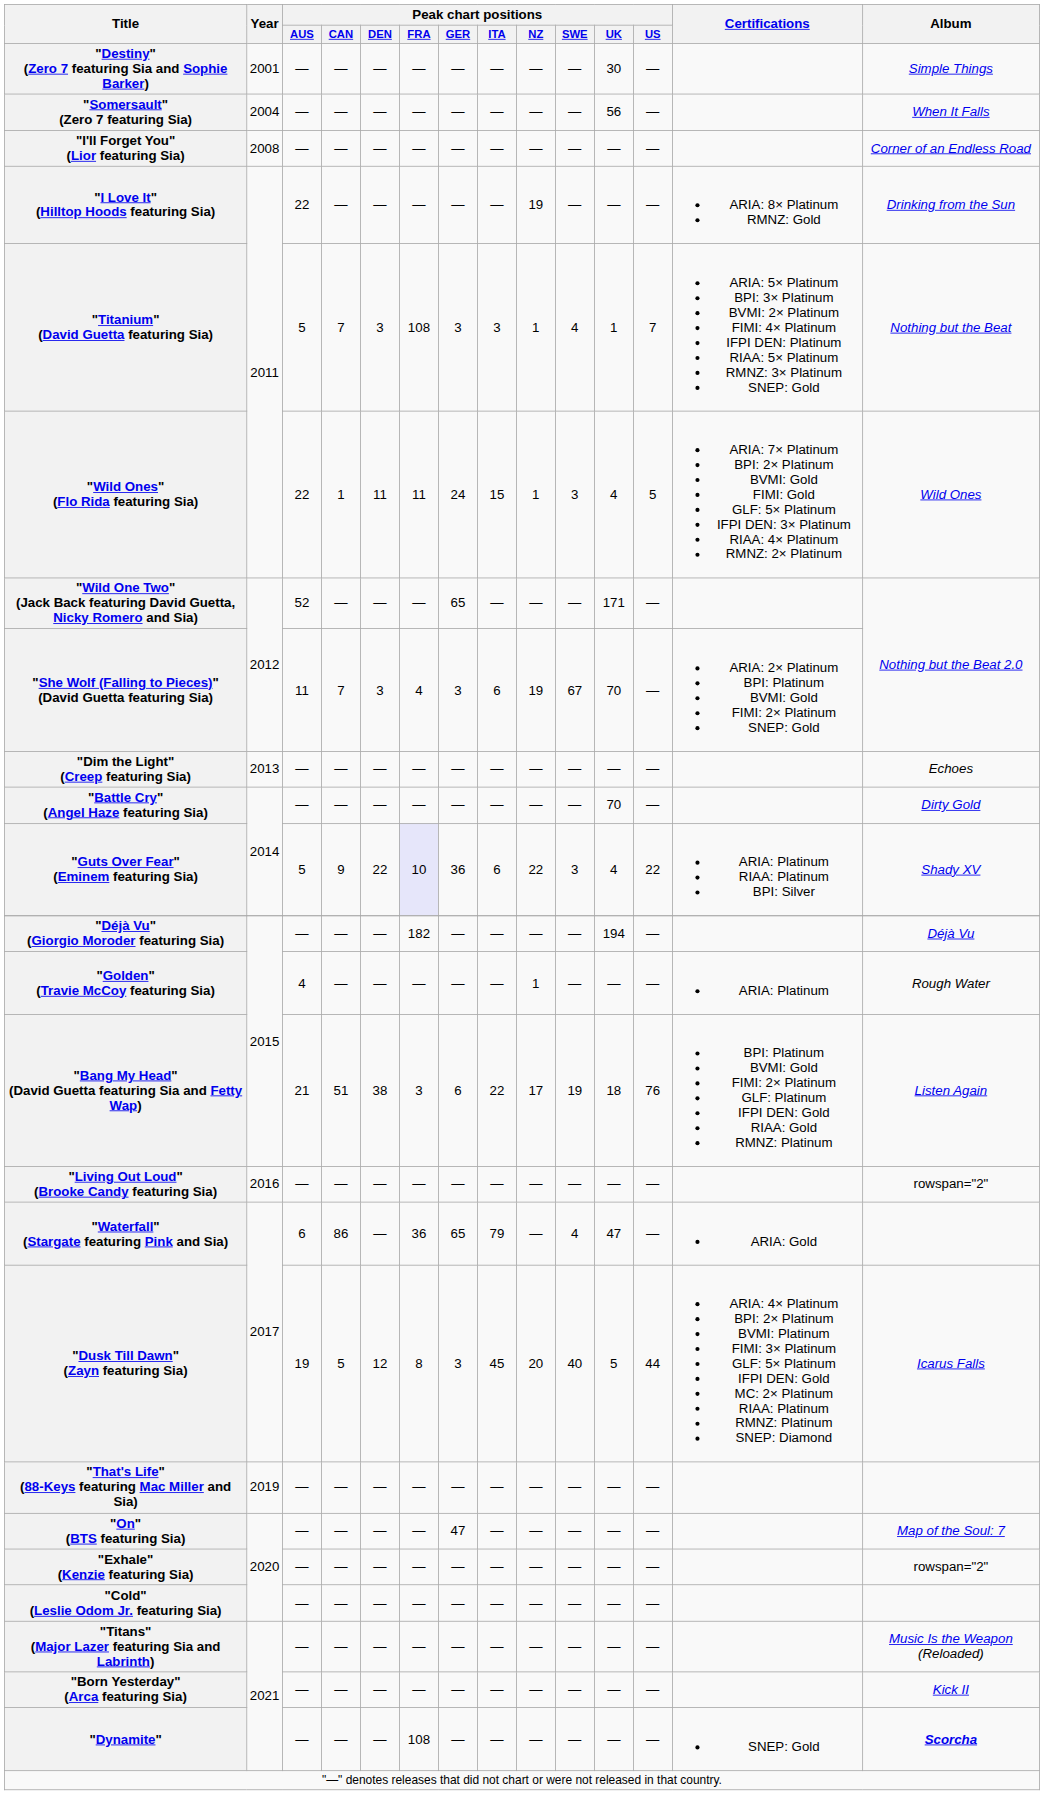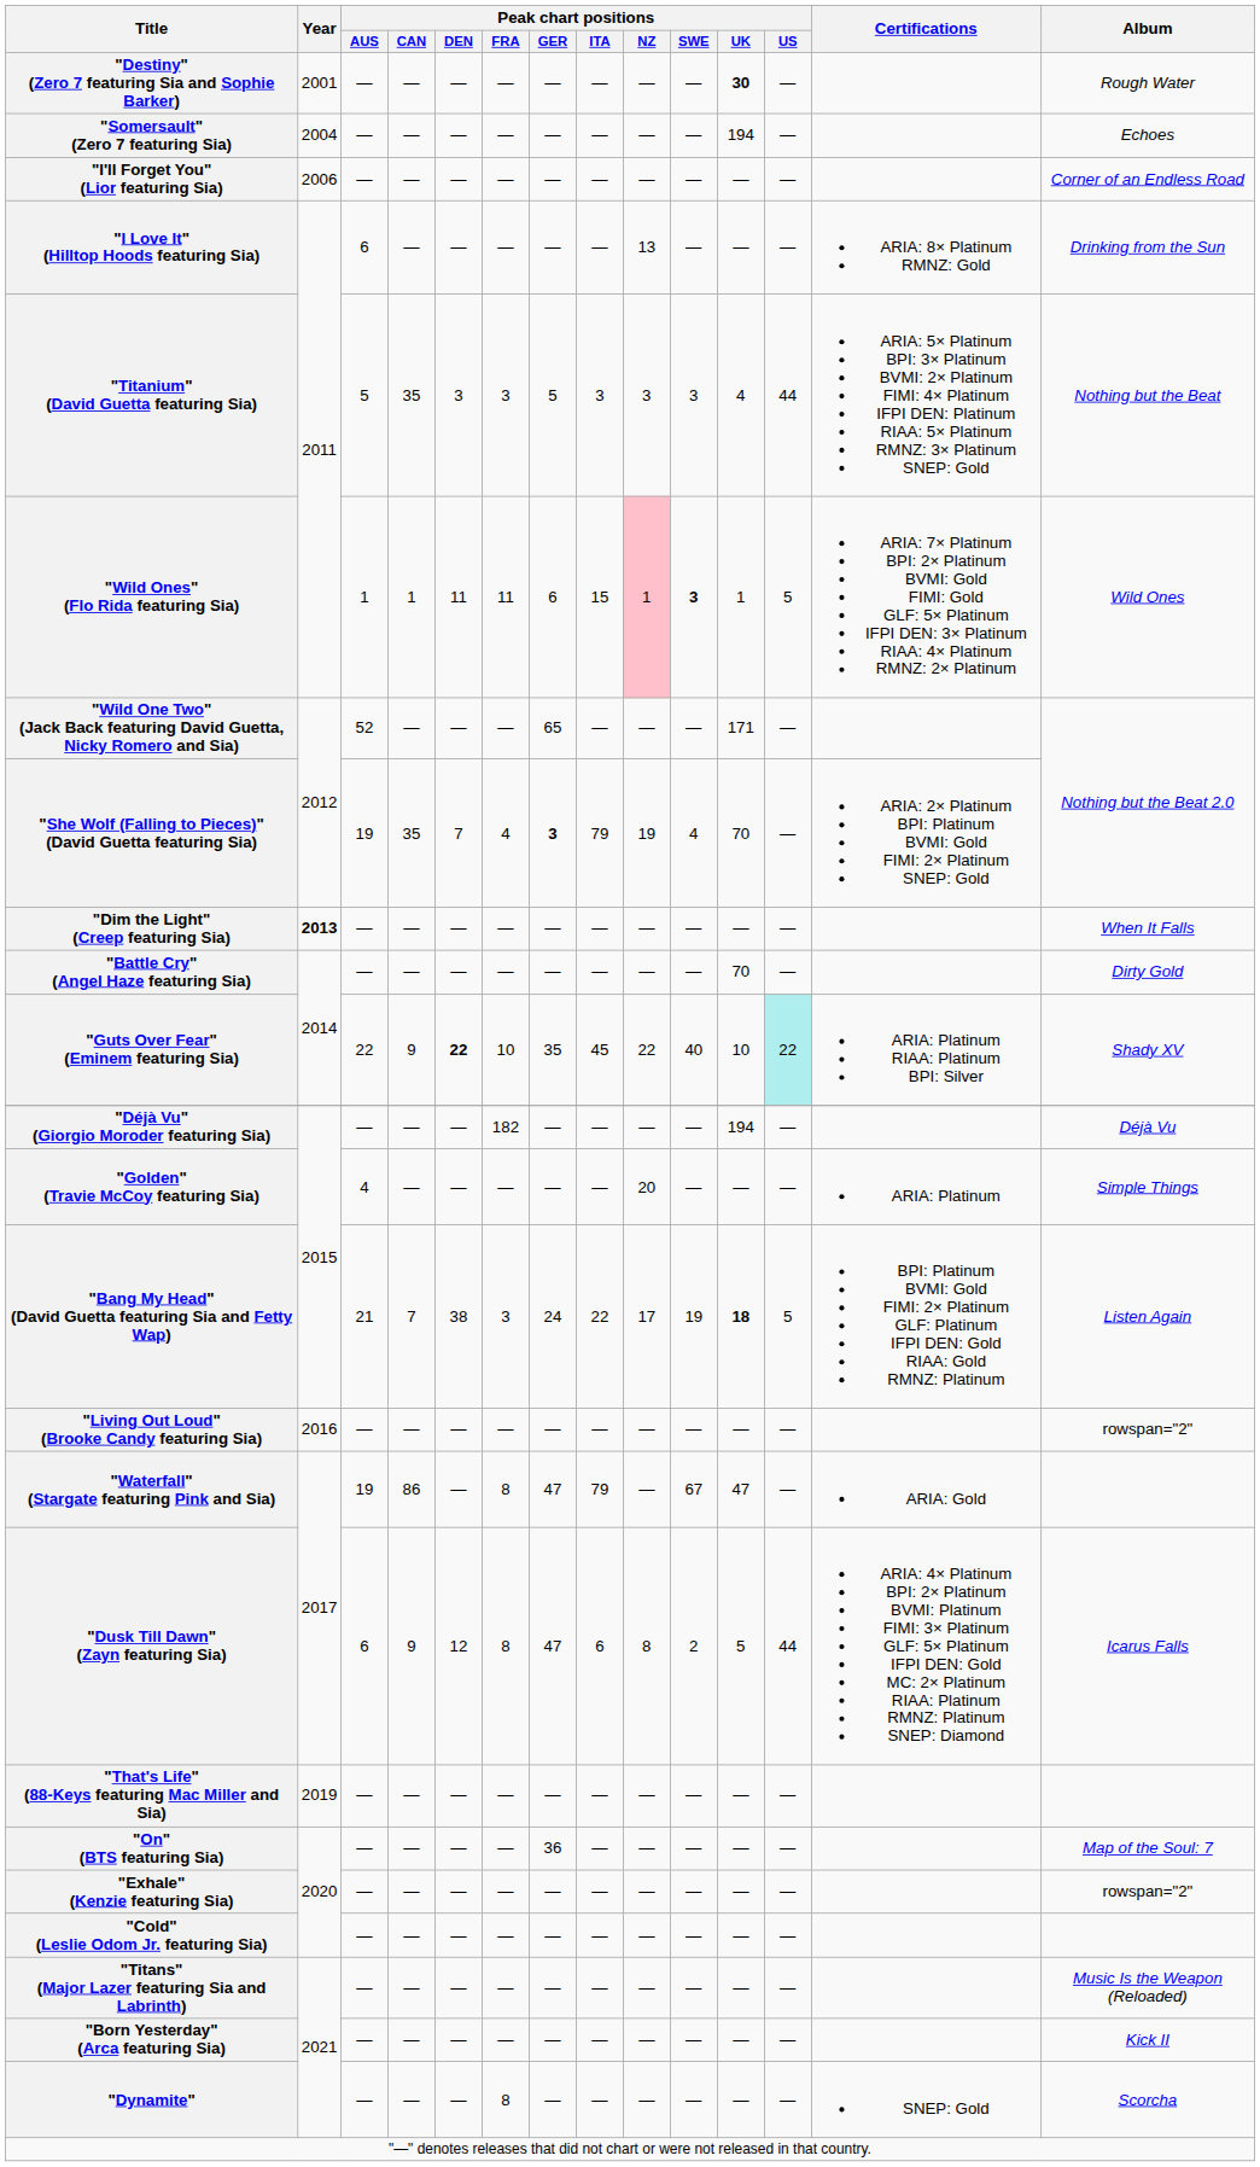 <table class="wikitable plainrowheaders" style="text-align:center;">
 <tr>
 <th scope="col" rowspan="2" style="width:18em;">Title</th>
 <th scope="col" rowspan="2" style="width:1em;">Year</th>
 <th scope="col" colspan="10">Peak chart positions</th>
 <th scope="col" rowspan="2" style="width:14em;"><a href='#'>Certifications</a></th>
 <th scope="col" rowspan="2" style="width:13em;">Album</th>
 </tr>
 <tr>
 <th scope="col" style="width:3em;font-size:85%;"><a href='#'>AUS</a><br></th>
 <th scope="col" style="width:3em;font-size:85%;"><a href='#'>CAN</a><br></th>
 <th scope="col" style="width:3em;font-size:85%;"><a href='#'>DEN</a><br></th>
 <th scope="col" style="width:3em;font-size:85%;"><a href='#'>FRA</a><br></th>
 <th scope="col" style="width:3em;font-size:85%;"><a href='#'>GER</a><br></th>
 <th scope="col" style="width:3em;font-size:85%;"><a href='#'>ITA</a><br></th>
 <th scope="col" style="width:3em;font-size:85%;"><a href='#'>NZ</a><br></th>
 <th scope="col" style="width:3em;font-size:85%;"><a href='#'>SWE</a><br></th>
 <th scope="col" style="width:3em;font-size:85%;"><a href='#'>UK</a><br></th>
 <th scope="col" style="width:3em;font-size:85%;"><a href='#'>US</a><br></th>
 </tr>
 <tr>
 <th scope="row">"<a href='#'>Destiny</a>"<br><span>(<a href='#'>Zero 7</a> featuring Sia and <a href='#'>Sophie Barker</a>)</span></th>
 <td>2001</td>
 <td>—</td>
 <td>—</td>
 <td>—</td>
 <td>—</td>
 <td>—</td>
 <td>—</td>
 <td>—</td>
 <td>—</td>
-<td>30</td>
+<td><strong>30</strong></td>
 <td>—</td>
 <td></td>
-<td><em><a href='#'>Simple Things</a></em></td>
+<td><em>Rough Water</em></td>
 </tr>
 <tr>
 <th scope="row">"<a href='#'>Somersault</a>"<br><span>(Zero 7 featuring Sia)</span></th>
 <td>2004</td>
 <td>—</td>
 <td>—</td>
 <td>—</td>
 <td>—</td>
 <td>—</td>
 <td>—</td>
 <td>—</td>
 <td>—</td>
-<td>56</td>
+<td>194</td>
 <td>—</td>
 <td></td>
-<td><em><a href='#'>When It Falls</a></em></td>
+<td><em>Echoes</em></td>
 </tr>
 <tr>
 <th scope="row">"I'll Forget You"<br><span>(<a href='#'>Lior</a> featuring Sia)</span></th>
-<td>2008</td>
+<td>2006</td>
 <td>—</td>
 <td>—</td>
 <td>—</td>
 <td>—</td>
 <td>—</td>
 <td>—</td>
 <td>—</td>
 <td>—</td>
 <td>—</td>
 <td>—</td>
 <td></td>
 <td><em><a href='#'>Corner of an Endless Road</a></em></td>
 </tr>
 <tr>
 <th scope="row">"<a href='#'>I Love It</a>"<br><span>(<a href='#'>Hilltop Hoods</a> featuring Sia)</span></th>
 <td rowspan="3">2011</td>
-<td>22</td>
+<td>6</td>
 <td>—</td>
 <td>—</td>
 <td>—</td>
 <td>—</td>
 <td>—</td>
-<td>19</td>
+<td>13</td>
 <td>—</td>
 <td>—</td>
 <td>—</td>
 <td><br><ul><li>ARIA: 8× Platinum</li><li>RMNZ: Gold</li></ul></td>
 <td><em><a href='#'>Drinking from the Sun</a></em></td>
 </tr>
 <tr>
 <th scope="row">"<a href='#'>Titanium</a>"<br><span>(<a href='#'>David Guetta</a> featuring Sia)</span></th>
 <td>5</td>
-<td>7</td>
-<td>3</td>
-<td>108</td>
+<td>35</td>
 <td>3</td>
 <td>3</td>
-<td>1</td>
+<td>5</td>
+<td>3</td>
+<td>3</td>
+<td>3</td>
 <td>4</td>
-<td>1</td>
-<td>7</td>
+<td>44</td>
 <td><br><ul><li>ARIA: 5× Platinum</li><li>BPI: 3× Platinum</li><li>BVMI: 2× Platinum</li><li>FIMI: 4× Platinum</li><li>IFPI DEN: Platinum</li><li>RIAA: 5× Platinum</li><li>RMNZ: 3× Platinum</li><li>SNEP: Gold</li></ul></td>
 <td><em><a href='#'>Nothing but the Beat</a></em></td>
 </tr>
 <tr>
 <th scope="row">"<a href='#'>Wild Ones</a>"<br><span>(<a href='#'>Flo Rida</a> featuring Sia)</span></th>
-<td>22</td>
+<td>1</td>
 <td>1</td>
 <td>11</td>
 <td>11</td>
-<td>24</td>
+<td>6</td>
 <td>15</td>
+<td style="background: pink;">1</td>
+<td><strong>3</strong></td>
 <td>1</td>
-<td>3</td>
-<td>4</td>
 <td>5</td>
 <td><br><ul><li>ARIA: 7× Platinum</li><li>BPI: 2× Platinum</li><li>BVMI: Gold</li><li>FIMI: Gold</li><li>GLF: 5× Platinum</li><li>IFPI DEN: 3× Platinum</li><li>RIAA: 4× Platinum</li><li>RMNZ: 2× Platinum</li></ul></td>
 <td><em><a href='#'>Wild Ones</a></em></td>
 </tr>
 <tr>
 <th scope="row">"<a href='#'>Wild One Two</a>"<br><span>(Jack Back featuring David Guetta, <a href='#'>Nicky Romero</a> and Sia)</span></th>
 <td rowspan="2">2012</td>
 <td>52</td>
 <td>—</td>
 <td>—</td>
 <td>—</td>
 <td>65</td>
 <td>—</td>
 <td>—</td>
 <td>—</td>
 <td>171</td>
 <td>—</td>
 <td></td>
 <td rowspan="2"><em><a href='#'>Nothing but the Beat 2.0</a></em></td>
 </tr>
 <tr>
 <th scope="row">"<a href='#'>She Wolf (Falling to Pieces)</a>" <br><span>(David Guetta featuring Sia)</span></th>
-<td>11</td>
+<td>19</td>
+<td>35</td>
 <td>7</td>
-<td>3</td>
 <td>4</td>
-<td>3</td>
-<td>6</td>
+<td><strong>3</strong></td>
+<td>79</td>
 <td>19</td>
-<td>67</td>
+<td>4</td>
 <td>70</td>
 <td>—</td>
 <td><br><ul><li>ARIA: 2× Platinum</li><li>BPI: Platinum</li><li>BVMI: Gold</li><li>FIMI: 2× Platinum</li><li>SNEP: Gold</li></ul></td>
 </tr>
 <tr>
 <th scope="row">"Dim the Light" <br><span>(<a href='#'>Creep</a> featuring Sia)</span></th>
-<td>2013</td>
+<td><strong>2013</strong></td>
 <td>—</td>
 <td>—</td>
 <td>—</td>
 <td>—</td>
 <td>—</td>
 <td>—</td>
 <td>—</td>
 <td>—</td>
 <td>—</td>
 <td>—</td>
 <td></td>
-<td><em>Echoes</em></td>
+<td><em><a href='#'>When It Falls</a></em></td>
 </tr>
 <tr>
 <th scope="row">"<a href='#'>Battle Cry</a>"<br><span>(<a href='#'>Angel Haze</a> featuring Sia)</span></th>
 <td rowspan="2">2014</td>
 <td>—</td>
 <td>—</td>
 <td>—</td>
 <td>—</td>
 <td>—</td>
 <td>—</td>
 <td>—</td>
 <td>—</td>
 <td>70</td>
 <td>—</td>
 <td></td>
 <td><em><a href='#'>Dirty Gold</a></em></td>
 </tr>
 <tr>
 <th scope="row">"<a href='#'>Guts Over Fear</a>"<br><span>(<a href='#'>Eminem</a> featuring Sia)</span></th>
-<td>5</td>
+<td>22</td>
 <td>9</td>
+<td><strong>22</strong></td>
+<td>10</td>
+<td>35</td>
+<td>45</td>
 <td>22</td>
-<td style="background: lavender;">10</td>
-<td>36</td>
-<td>6</td>
-<td>22</td>
-<td>3</td>
-<td>4</td>
-<td>22</td>
+<td>40</td>
+<td>10</td>
+<td style="background: paleturquoise;">22</td>
 <td><br><ul><li>ARIA: Platinum</li><li>RIAA: Platinum</li><li>BPI: Silver</li></ul></td>
 <td><em><a href='#'>Shady XV</a></em></td>
 </tr>
 <tr>
 </tr>
 <tr>
 <th scope="row">"<a href='#'>Déjà Vu</a>"<br><span>(<a href='#'>Giorgio Moroder</a> featuring Sia)</span></th>
 <td rowspan="3">2015</td>
 <td>—</td>
 <td>—</td>
 <td>—</td>
 <td>182</td>
 <td>—</td>
 <td>—</td>
 <td>—</td>
 <td>—</td>
 <td>194</td>
 <td>—</td>
 <td></td>
 <td><em><a href='#'>Déjà Vu</a></em></td>
 </tr>
 <tr>
 <th scope="row">"<a href='#'>Golden</a>"<br><span>(<a href='#'>Travie McCoy</a> featuring Sia)</span></th>
 <td>4</td>
 <td>—</td>
 <td>—</td>
 <td>—</td>
 <td>—</td>
 <td>—</td>
-<td>1</td>
+<td>20</td>
 <td>—</td>
 <td>—</td>
 <td>—</td>
 <td><br><ul><li>ARIA: Platinum</li></ul></td>
-<td><em>Rough Water</em></td>
+<td><em><a href='#'>Simple Things</a></em></td>
 </tr>
 <tr>
 <th scope="row">"<a href='#'>Bang My Head</a>"<br><span>(David Guetta featuring Sia and <a href='#'>Fetty Wap</a>)</span></th>
 <td>21</td>
-<td>51</td>
+<td>7</td>
 <td>38</td>
 <td>3</td>
-<td>6</td>
+<td>24</td>
 <td>22</td>
 <td>17</td>
 <td>19</td>
-<td>18</td>
-<td>76</td>
+<td><strong>18</strong></td>
+<td>5</td>
 <td><br><ul><li>BPI: Platinum</li><li>BVMI: Gold</li><li>FIMI: 2× Platinum</li><li>GLF: Platinum</li><li>IFPI DEN: Gold</li><li>RIAA: Gold</li><li>RMNZ: Platinum</li></ul></td>
 <td><em><a href='#'>Listen Again</a></em></td>
 </tr>
 <tr>
 <th scope="row">"<a href='#'>Living Out Loud</a>"<br><span>(<a href='#'>Brooke Candy</a> featuring Sia)</span></th>
 <td>2016</td>
 <td>—</td>
 <td>—</td>
 <td>—</td>
 <td>—</td>
 <td>—</td>
 <td>—</td>
 <td>—</td>
 <td>—</td>
 <td>—</td>
 <td>—</td>
 <td></td>
 <td>rowspan="2" </td>
 </tr>
 <tr>
 <th scope="row">"<a href='#'>Waterfall</a>" <br><span>(<a href='#'>Stargate</a> featuring <a href='#'>Pink</a> and Sia)</span></th>
 <td rowspan="2">2017</td>
-<td>6</td>
+<td>19</td>
 <td>86</td>
 <td>—</td>
-<td>36</td>
-<td>65</td>
+<td>8</td>
+<td>47</td>
 <td>79</td>
 <td>—</td>
-<td>4</td>
+<td>67</td>
 <td>47</td>
 <td>—</td>
 <td><br><ul><li>ARIA: Gold</li></ul></td>
 </tr>
 <tr>
 <th scope="row">"<a href='#'>Dusk Till Dawn</a>" <br><span>(<a href='#'>Zayn</a> featuring Sia)</span></th>
-<td>19</td>
-<td>5</td>
+<td>6</td>
+<td>9</td>
 <td>12</td>
 <td>8</td>
-<td>3</td>
-<td>45</td>
-<td>20</td>
-<td>40</td>
+<td>47</td>
+<td>6</td>
+<td>8</td>
+<td>2</td>
 <td>5</td>
 <td>44</td>
 <td><br><ul><li>ARIA: 4× Platinum</li><li>BPI: 2× Platinum</li><li>BVMI: Platinum</li><li>FIMI:  3× Platinum</li><li>GLF: 5× Platinum</li><li>IFPI DEN: Gold</li><li>MC: 2×  Platinum</li><li>RIAA: Platinum</li><li>RMNZ: Platinum</li><li>SNEP: Diamond</li></ul></td>
 <td><em><a href='#'>Icarus Falls</a></em></td>
 </tr>
 <tr>
 <th scope="row">"<a href='#'>That's Life</a>"<br><span>(<a href='#'>88-Keys</a> featuring <a href='#'>Mac Miller</a> and Sia)</span></th>
 <td>2019</td>
 <td>—</td>
 <td>—</td>
 <td>—</td>
 <td>—</td>
 <td>—</td>
 <td>—</td>
 <td>—</td>
 <td>—</td>
 <td>—</td>
 <td>—</td>
 <td></td>
 <td></td>
 </tr>
 <tr>
 <th scope="row">"<a href='#'>On</a>"<br><span>(<a href='#'>BTS</a> featuring Sia)</span></th>
 <td rowspan="3">2020</td>
 <td>—</td>
 <td>—</td>
 <td>—</td>
 <td>—</td>
-<td>47</td>
+<td>36</td>
 <td>—</td>
 <td>—</td>
 <td>—</td>
 <td>—</td>
 <td>—</td>
 <td></td>
 <td><em><a href='#'>Map of the Soul: 7</a></em></td>
 </tr>
 <tr>
 <th scope="row">"Exhale"<br><span>(<a href='#'>Kenzie</a> featuring Sia)</span></th>
 <td>—</td>
 <td>—</td>
 <td>—</td>
 <td>—</td>
 <td>—</td>
 <td>—</td>
 <td>—</td>
 <td>—</td>
 <td>—</td>
 <td>—</td>
 <td></td>
 <td>rowspan="2" </td>
 </tr>
 <tr>
 <th scope="row">"Cold"<br><span>(<a href='#'>Leslie Odom Jr.</a> featuring Sia)</span></th>
 <td>—</td>
 <td>—</td>
 <td>—</td>
 <td>—</td>
 <td>—</td>
 <td>—</td>
 <td>—</td>
 <td>—</td>
 <td>—</td>
 <td>—</td>
 <td></td>
 </tr>
 <tr>
 <th scope="row">"Titans"<br><span>(<a href='#'>Major Lazer</a> featuring Sia and <a href='#'>Labrinth</a>)</span></th>
 <td rowspan="3">2021</td>
 <td>—</td>
 <td>—</td>
 <td>—</td>
 <td>—</td>
 <td>—</td>
 <td>—</td>
 <td>—</td>
 <td>—</td>
 <td>—</td>
 <td>—</td>
 <td></td>
 <td><em><a href='#'>Music Is the Weapon</a> (Reloaded)</em></td>
 </tr>
 <tr>
 <th scope="row">"Born Yesterday"<br><span>(<a href='#'>Arca</a> featuring Sia)</span></th>
 <td>—</td>
 <td>—</td>
 <td>—</td>
 <td>—</td>
 <td>—</td>
 <td>—</td>
 <td>—</td>
 <td>—</td>
 <td>—</td>
 <td>—</td>
 <td></td>
 <td><em><a href='#'>Kick II</a></em></td>
 </tr>
 <tr>
 <th scope="row">"<a href='#'>Dynamite</a>" <br></th>
 <td>—</td>
 <td>—</td>
 <td>—</td>
-<td>108</td>
+<td>8</td>
 <td>—</td>
 <td>—</td>
 <td>—</td>
 <td>—</td>
 <td>—</td>
 <td>—</td>
 <td><br><ul><li>SNEP: Gold</li></ul></td>
-<td><strong><em><a href='#'>Scorcha</a></em></strong></td>
+<td><em><a href='#'>Scorcha</a></em></td>
 </tr>
 <tr>
 <td align="center" colspan="19" style="font-size:90%">"—" denotes releases that did not chart or were not released in that country.</td>
 </tr>
 </table>
